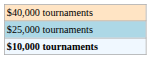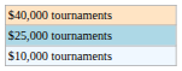 <table class="wikitable" style="font-size:85%; width:15%;">
 <tr style="background:#ffe4c4;">
 <td>$40,000 tournaments</td>
 </tr>
 <tr style="background:lightblue;">
 <td>$25,000 tournaments</td>
 </tr>
 <tr style="background:#f0f8ff;">
-<td><strong>$10,000 tournaments</strong></td>
+<td>$10,000 tournaments</td>
 </tr>
 </table>
